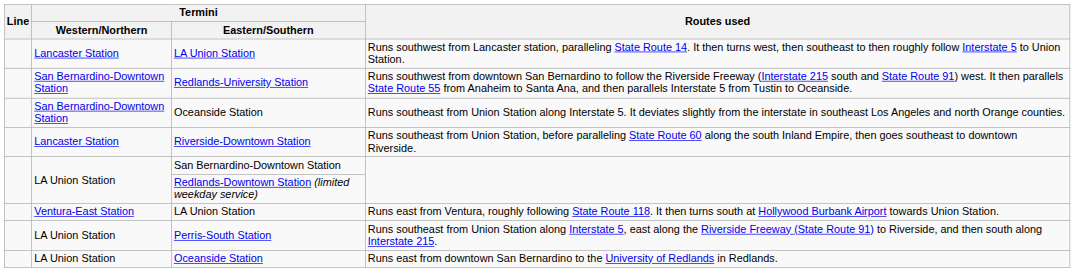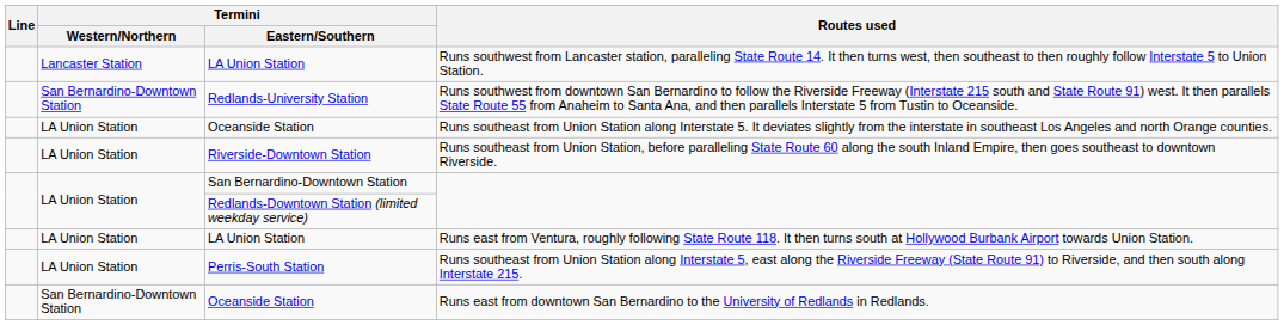 <table class="wikitable sortable">
 <tr>
 <th rowspan="2">Line</th>
 <th colspan="2" class="unsortable">Termini</th>
 <th rowspan="2" class=unsortable>Routes used</th>
 </tr>
 <tr>
 <th class="unsortable">Western/Northern</th>
 <th class="unsortable">Eastern/Southern</th>
 </tr>
 <tr>
 <td></td>
 <td><a href='#'>Lancaster Station</a></td>
 <td><a href='#'>LA Union Station</a></td>
 <td>Runs southwest from Lancaster station, paralleling <a href='#'>State Route 14</a>. It then turns west, then southeast to then roughly follow <a href='#'>Interstate 5</a> to Union Station.</td>
 </tr>
 <tr>
 <td></td>
 <td><a href='#'>San Bernardino-Downtown Station</a></td>
 <td><a href='#'>Redlands-University Station</a></td>
 <td>Runs southwest from downtown San Bernardino to follow the Riverside Freeway (<a href='#'>Interstate 215</a> south and <a href='#'>State Route 91</a>) west. It then parallels <a href='#'>State Route 55</a> from Anaheim to Santa Ana, and then parallels Interstate 5 from Tustin to Oceanside.</td>
 </tr>
 <tr>
 <td></td>
-<td><a href='#'>San Bernardino-Downtown Station</a></td>
+<td>LA Union Station</td>
 <td>Oceanside Station</td>
 <td>Runs southeast from Union Station along Interstate 5. It deviates slightly from the interstate in southeast Los Angeles and north Orange counties.</td>
 </tr>
 <tr>
 <td></td>
-<td><a href='#'>Lancaster Station</a></td>
+<td>LA Union Station</td>
 <td><a href='#'>Riverside-Downtown Station</a></td>
 <td>Runs southeast from Union Station, before paralleling <a href='#'>State Route 60</a> along the south Inland Empire, then goes southeast to downtown Riverside.</td>
 </tr>
 <tr>
 <td rowspan="2"></td>
 <td rowspan="2">LA Union Station</td>
 <td>San Bernardino-Downtown Station</td>
 <td rowspan="2"></td>
 </tr>
 <tr>
 <td><a href='#'>Redlands-Downtown Station</a> <em>(limited weekday service)</em></td>
 </tr>
 <tr>
 <td></td>
-<td><a href='#'>Ventura-East Station</a></td>
+<td>LA Union Station</td>
 <td>LA Union Station</td>
 <td>Runs east from Ventura, roughly following <a href='#'>State Route 118</a>. It then turns south at <a href='#'>Hollywood Burbank Airport</a> towards Union Station.</td>
 </tr>
 <tr>
 <td></td>
 <td>LA Union Station</td>
 <td><a href='#'>Perris-South Station</a></td>
 <td>Runs southeast from Union Station along <a href='#'>Interstate 5</a>, east along the <a href='#'>Riverside Freeway (State Route 91)</a> to Riverside, and then south along <a href='#'>Interstate 215</a>.</td>
 </tr>
 <tr>
 <td></td>
-<td>LA Union Station</td>
+<td>San Bernardino-Downtown Station</td>
 <td><a href='#'>Oceanside Station</a></td>
 <td>Runs east from downtown San Bernardino to the <a href='#'>University of Redlands</a> in Redlands.</td>
 </tr>
 </table>
